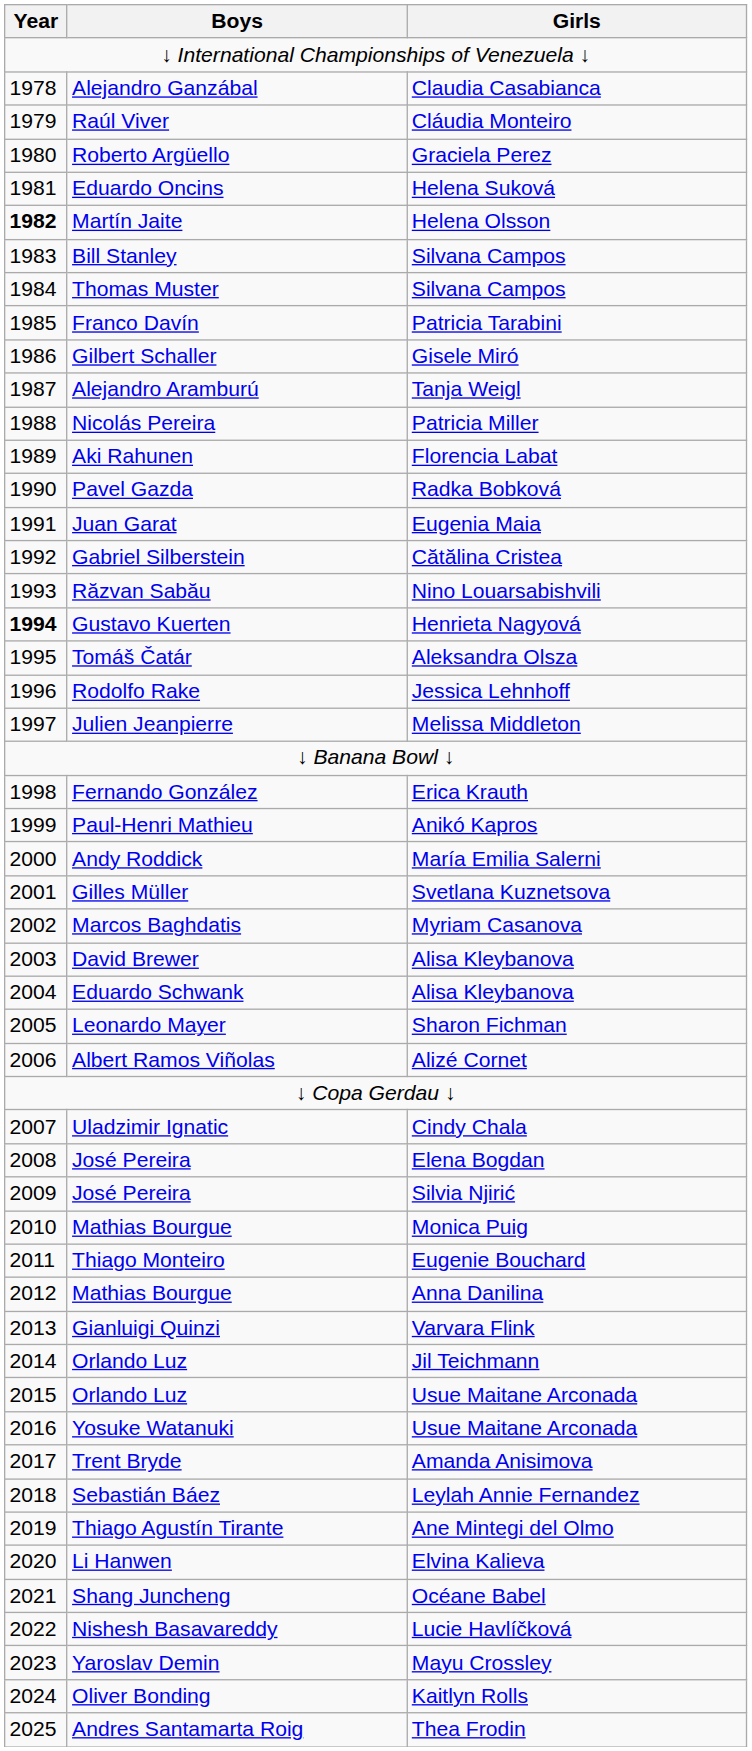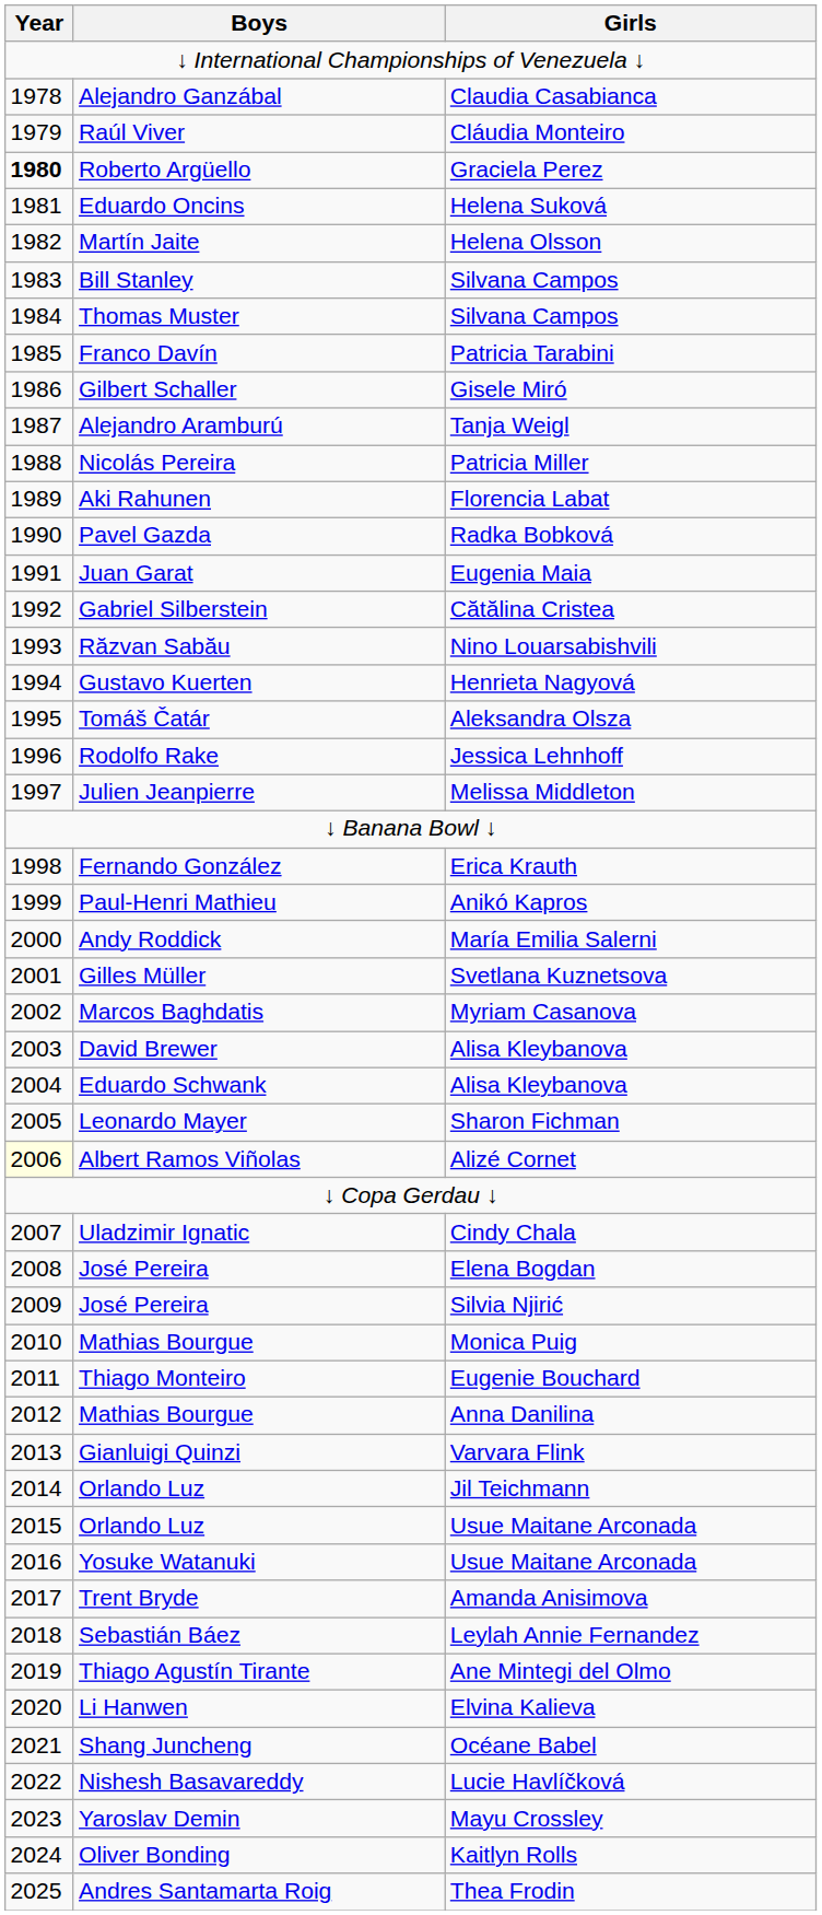 <table class="wikitable">
 <tr>
 <th style="width:40px;">Year</th>
 <th style="width:250px;">Boys</th>
 <th width=250>Girls</th>
 </tr>
 <tr>
 <td colspan=5 align="center">↓ <em>International Championships of Venezuela</em> ↓</td>
 </tr>
 <tr>
 <td>1978</td>
 <td> <a href='#'>Alejandro Ganzábal</a></td>
 <td> <a href='#'>Claudia Casabianca</a></td>
 </tr>
 <tr>
 <td>1979</td>
 <td> <a href='#'>Raúl Viver</a></td>
 <td> <a href='#'>Cláudia Monteiro</a></td>
 </tr>
 <tr>
-<td>1980</td>
+<td><strong>1980</strong></td>
 <td> <a href='#'>Roberto Argüello</a></td>
 <td> <a href='#'>Graciela Perez</a></td>
 </tr>
 <tr>
 <td>1981</td>
 <td> <a href='#'>Eduardo Oncins</a></td>
 <td> <a href='#'>Helena Suková</a></td>
 </tr>
 <tr>
-<td><strong>1982</strong></td>
+<td>1982</td>
 <td> <a href='#'>Martín Jaite</a></td>
 <td> <a href='#'>Helena Olsson</a></td>
 </tr>
 <tr>
 <td>1983</td>
 <td> <a href='#'>Bill Stanley</a></td>
 <td> <a href='#'>Silvana Campos</a></td>
 </tr>
 <tr>
 <td>1984</td>
 <td> <a href='#'>Thomas Muster</a></td>
 <td> <a href='#'>Silvana Campos</a></td>
 </tr>
 <tr>
 <td>1985</td>
 <td> <a href='#'>Franco Davín</a></td>
 <td> <a href='#'>Patricia Tarabini</a></td>
 </tr>
 <tr>
 <td>1986</td>
 <td> <a href='#'>Gilbert Schaller</a></td>
 <td> <a href='#'>Gisele Miró</a></td>
 </tr>
 <tr>
 <td>1987</td>
 <td> <a href='#'>Alejandro Aramburú</a></td>
 <td> <a href='#'>Tanja Weigl</a></td>
 </tr>
 <tr>
 <td>1988</td>
 <td> <a href='#'>Nicolás Pereira</a></td>
 <td> <a href='#'>Patricia Miller</a></td>
 </tr>
 <tr>
 <td>1989</td>
 <td> <a href='#'>Aki Rahunen</a></td>
 <td> <a href='#'>Florencia Labat</a></td>
 </tr>
 <tr>
 <td>1990</td>
 <td> <a href='#'>Pavel Gazda</a></td>
 <td> <a href='#'>Radka Bobková</a></td>
 </tr>
 <tr>
 <td>1991</td>
 <td> <a href='#'>Juan Garat</a></td>
 <td> <a href='#'>Eugenia Maia</a></td>
 </tr>
 <tr>
 <td>1992</td>
 <td> <a href='#'>Gabriel Silberstein</a></td>
 <td> <a href='#'>Cătălina Cristea</a></td>
 </tr>
 <tr>
 <td>1993</td>
 <td> <a href='#'>Răzvan Sabău</a></td>
 <td> <a href='#'>Nino Louarsabishvili</a></td>
 </tr>
 <tr>
-<td><strong>1994</strong></td>
+<td>1994</td>
 <td> <a href='#'>Gustavo Kuerten</a></td>
 <td> <a href='#'>Henrieta Nagyová</a></td>
 </tr>
 <tr>
 <td>1995</td>
 <td> <a href='#'>Tomáš Čatár</a></td>
 <td> <a href='#'>Aleksandra Olsza</a></td>
 </tr>
 <tr>
 <td>1996</td>
 <td> <a href='#'>Rodolfo Rake</a></td>
 <td> <a href='#'>Jessica Lehnhoff</a></td>
 </tr>
 <tr>
 <td>1997</td>
 <td> <a href='#'>Julien Jeanpierre</a></td>
 <td> <a href='#'>Melissa Middleton</a></td>
 </tr>
 <tr>
 <td colspan=5 align="center">↓ <em>Banana Bowl</em> ↓</td>
 </tr>
 <tr>
 <td>1998</td>
 <td> <a href='#'>Fernando González</a></td>
 <td> <a href='#'>Erica Krauth</a></td>
 </tr>
 <tr>
 <td>1999</td>
 <td> <a href='#'>Paul-Henri Mathieu</a></td>
 <td> <a href='#'>Anikó Kapros</a></td>
 </tr>
 <tr>
 <td>2000</td>
 <td> <a href='#'>Andy Roddick</a></td>
 <td> <a href='#'>María Emilia Salerni</a></td>
 </tr>
 <tr>
 <td>2001</td>
 <td> <a href='#'>Gilles Müller</a></td>
 <td> <a href='#'>Svetlana Kuznetsova</a></td>
 </tr>
 <tr>
 <td>2002</td>
 <td> <a href='#'>Marcos Baghdatis</a></td>
 <td> <a href='#'>Myriam Casanova</a></td>
 </tr>
 <tr>
 <td>2003</td>
 <td> <a href='#'>David Brewer</a></td>
 <td> <a href='#'>Alisa Kleybanova</a></td>
 </tr>
 <tr>
 <td>2004</td>
 <td> <a href='#'>Eduardo Schwank</a></td>
 <td> <a href='#'>Alisa Kleybanova</a></td>
 </tr>
 <tr>
 <td>2005</td>
 <td> <a href='#'>Leonardo Mayer</a></td>
 <td> <a href='#'>Sharon Fichman</a></td>
 </tr>
 <tr>
-<td>2006</td>
+<td style="background: lightyellow;">2006</td>
 <td> <a href='#'>Albert Ramos Viñolas</a></td>
 <td> <a href='#'>Alizé Cornet</a></td>
 </tr>
 <tr>
 <td colspan=5 align="center">↓ <em>Copa Gerdau</em> ↓</td>
 </tr>
 <tr>
 <td>2007</td>
 <td> <a href='#'>Uladzimir Ignatic</a></td>
 <td> <a href='#'>Cindy Chala</a></td>
 </tr>
 <tr>
 <td>2008</td>
 <td> <a href='#'>José Pereira</a></td>
 <td> <a href='#'>Elena Bogdan</a></td>
 </tr>
 <tr>
 <td>2009</td>
 <td> <a href='#'>José Pereira</a></td>
 <td> <a href='#'>Silvia Njirić</a></td>
 </tr>
 <tr>
 <td>2010</td>
 <td> <a href='#'>Mathias Bourgue</a></td>
 <td> <a href='#'>Monica Puig</a></td>
 </tr>
 <tr>
 <td>2011</td>
 <td> <a href='#'>Thiago Monteiro</a></td>
 <td> <a href='#'>Eugenie Bouchard</a></td>
 </tr>
 <tr>
 <td>2012</td>
 <td> <a href='#'>Mathias Bourgue</a></td>
 <td> <a href='#'>Anna Danilina</a></td>
 </tr>
 <tr>
 <td>2013</td>
 <td> <a href='#'>Gianluigi Quinzi</a></td>
 <td> <a href='#'>Varvara Flink</a></td>
 </tr>
 <tr>
 <td>2014</td>
 <td> <a href='#'>Orlando Luz</a></td>
 <td> <a href='#'>Jil Teichmann</a></td>
 </tr>
 <tr>
 <td>2015</td>
 <td> <a href='#'>Orlando Luz</a></td>
 <td> <a href='#'>Usue Maitane Arconada</a></td>
 </tr>
 <tr>
 <td>2016</td>
 <td> <a href='#'>Yosuke Watanuki</a></td>
 <td> <a href='#'>Usue Maitane Arconada</a></td>
 </tr>
 <tr>
 <td>2017</td>
 <td> <a href='#'>Trent Bryde</a></td>
 <td> <a href='#'>Amanda Anisimova</a></td>
 </tr>
 <tr>
 <td>2018</td>
 <td> <a href='#'>Sebastián Báez</a></td>
 <td> <a href='#'>Leylah Annie Fernandez</a></td>
 </tr>
 <tr>
 <td>2019</td>
 <td> <a href='#'>Thiago Agustín Tirante</a></td>
 <td> <a href='#'>Ane Mintegi del Olmo</a></td>
 </tr>
 <tr>
 <td>2020</td>
 <td> <a href='#'>Li Hanwen</a></td>
 <td> <a href='#'>Elvina Kalieva</a></td>
 </tr>
 <tr>
 <td>2021</td>
 <td> <a href='#'>Shang Juncheng</a></td>
 <td> <a href='#'>Océane Babel</a></td>
 </tr>
 <tr>
 <td>2022</td>
 <td> <a href='#'>Nishesh Basavareddy</a></td>
 <td> <a href='#'>Lucie Havlíčková</a></td>
 </tr>
 <tr>
 <td>2023</td>
 <td> <a href='#'>Yaroslav Demin</a></td>
 <td> <a href='#'>Mayu Crossley</a></td>
 </tr>
 <tr>
 <td>2024</td>
 <td> <a href='#'>Oliver Bonding</a></td>
 <td> <a href='#'>Kaitlyn Rolls</a></td>
 </tr>
 <tr>
 <td>2025</td>
 <td> <a href='#'>Andres Santamarta Roig</a></td>
 <td> <a href='#'>Thea Frodin</a></td>
 </tr>
 </table>
